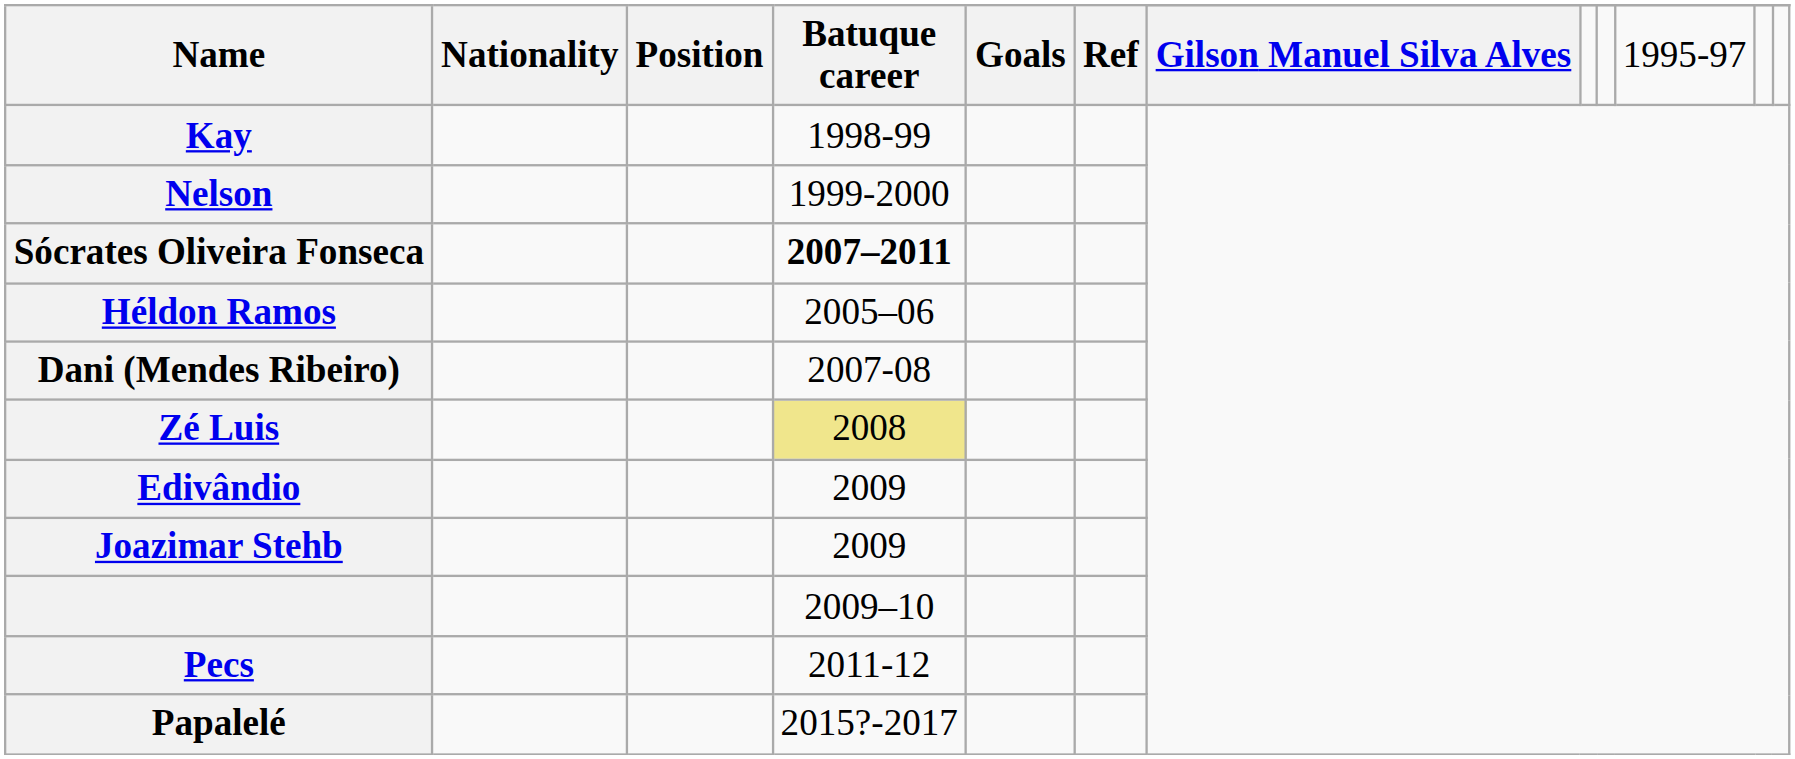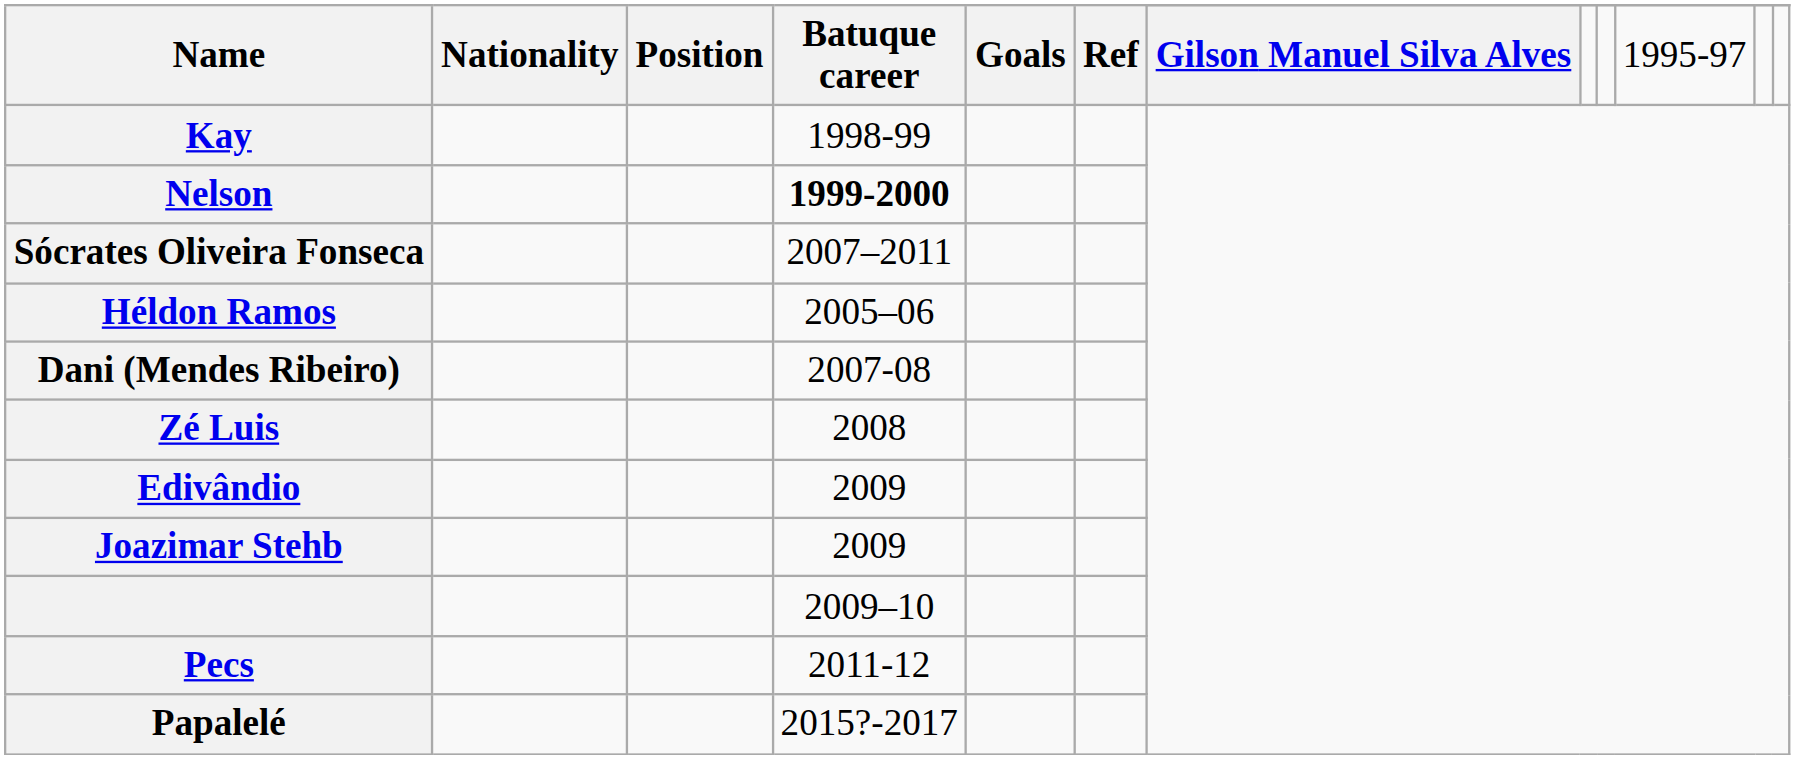 <table class="wikitable plainrowheaders sortable" style="text-align:center">
 <tr>
 <th scope="col" rowspan="2">Name</th>
 <th scope="col" rowspan="2">Nationality</th>
 <th scope="col" rowspan="2">Position</th>
 <th scope="col" rowspan="2">Batuque<br>career</th>
 <th scope="col" rowspan="2">Goals</th>
 <th scope="col" rowspan="2" class="unsortable">Ref</th>
 </tr>
 <tr>
 <th scope="row" align="left"><a href='#'><strong>Gilson</strong> Manuel Silva Alves</a></th>
 <td></td>
 <td></td>
 <td>1995-97</td>
 <td></td>
 <td></td>
 </tr>
 <tr>
 <th scope="row" align="left"><a href='#'>Kay</a></th>
 <td></td>
 <td></td>
 <td>1998-99</td>
 <td></td>
 <td></td>
 </tr>
 <tr>
 <th scope="row" align="left"><a href='#'>Nelson</a></th>
 <td></td>
 <td></td>
-<td>1999-2000</td>
+<td><strong>1999-2000</strong></td>
 <td></td>
 <td></td>
 </tr>
 <tr>
 <th scope="row" align="left">Sócrates Oliveira Fonseca</th>
 <td></td>
 <td></td>
-<td><strong>2007–2011</strong></td>
+<td>2007–2011</td>
 <td></td>
 <td></td>
 </tr>
 <tr>
 <th scope="row" align="left"><a href='#'>Héldon Ramos</a></th>
 <td></td>
 <td></td>
 <td>2005–06</td>
 <td></td>
 <td></td>
 </tr>
 <tr>
 <th scope="row" align="left">Dani (Mendes Ribeiro)</th>
 <td></td>
 <td></td>
 <td>2007-08</td>
 <td></td>
 <td></td>
 </tr>
 <tr>
 <th scope="row" align="left"><a href='#'>Zé Luis</a></th>
 <td></td>
 <td></td>
-<td style="background: khaki;">2008</td>
+<td>2008</td>
 <td></td>
 <td></td>
 </tr>
 <tr>
 <th scope="row" align="left"><a href='#'>Edivândio</a></th>
 <td></td>
 <td></td>
 <td>2009</td>
 <td></td>
 <td></td>
 </tr>
 <tr>
 <th scope="row" align="left"><a href='#'>Joazimar Stehb</a></th>
 <td></td>
 <td></td>
 <td>2009</td>
 <td></td>
 <td></td>
 </tr>
 <tr>
 <th scope="row" align="left"></th>
 <td></td>
 <td></td>
 <td>2009–10</td>
 <td></td>
 <td></td>
 </tr>
 <tr>
 <th scope="row" align="left"><a href='#'>Pecs</a></th>
 <td></td>
 <td></td>
 <td>2011-12</td>
 <td></td>
 <td></td>
 </tr>
 <tr>
 <th scope="row" align="left">Papalelé</th>
 <td></td>
 <td></td>
 <td>2015?-2017</td>
 <td></td>
 <td></td>
 </tr>
 </table>
